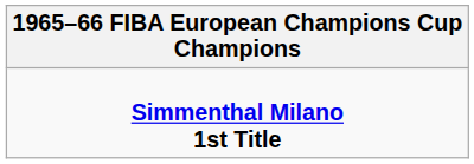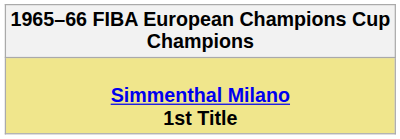 <table class=wikitable style="text-align:center; margin:auto">
 <tr>
 <th>1965–66 FIBA European Champions Cup<br>Champions</th>
 </tr>
 <tr>
-<td> <br> <strong><a href='#'>Simmenthal Milano</a></strong> <br> <strong>1st Title</strong></td>
+<td style="background: khaki;"> <br> <strong><a href='#'>Simmenthal Milano</a></strong> <br> <strong>1st Title</strong></td>
 </tr>
 </table>
